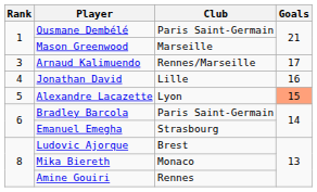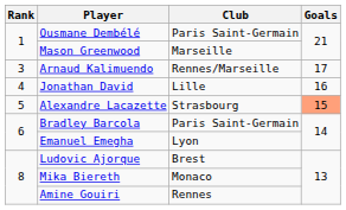 <table class="wikitable" style="text-align:center">
 <tr>
 <th>Rank</th>
 <th>Player</th>
 <th>Club</th>
 <th>Goals</th>
 </tr>
 <tr>
 <td rowspan="2">1</td>
 <td align="left"> <a href='#'>Ousmane Dembélé</a></td>
 <td align="left">Paris Saint-Germain</td>
 <td rowspan="2">21</td>
 </tr>
 <tr>
 <td align="left"> <a href='#'>Mason Greenwood</a></td>
 <td align="left">Marseille</td>
 </tr>
 <tr>
 <td>3</td>
 <td align="left"> <a href='#'>Arnaud Kalimuendo</a></td>
 <td align="left">Rennes/Marseille</td>
 <td>17</td>
 </tr>
 <tr>
 <td>4</td>
 <td align="left"> <a href='#'>Jonathan David</a></td>
 <td align="left">Lille</td>
 <td>16</td>
 </tr>
 <tr>
 <td>5</td>
 <td align="left"> <a href='#'>Alexandre Lacazette</a></td>
-<td align="left">Lyon</td>
+<td align="left">Strasbourg</td>
 <td style="background: lightsalmon;">15</td>
 </tr>
 <tr>
 <td rowspan="2">6</td>
 <td align="left"> <a href='#'>Bradley Barcola</a></td>
 <td align="left">Paris Saint-Germain</td>
 <td rowspan="2">14</td>
 </tr>
 <tr>
 <td align="left"> <a href='#'>Emanuel Emegha</a></td>
-<td align="left">Strasbourg</td>
+<td align="left">Lyon</td>
 </tr>
 <tr>
 <td rowspan="3">8</td>
 <td align="left"> <a href='#'>Ludovic Ajorque</a></td>
 <td align="left">Brest</td>
 <td rowspan="3">13</td>
 </tr>
 <tr>
 <td align="left"> <a href='#'>Mika Biereth</a></td>
 <td align="left">Monaco</td>
 </tr>
 <tr>
 <td align="left"> <a href='#'>Amine Gouiri</a></td>
 <td align="left">Rennes</td>
 </tr>
 </table>
